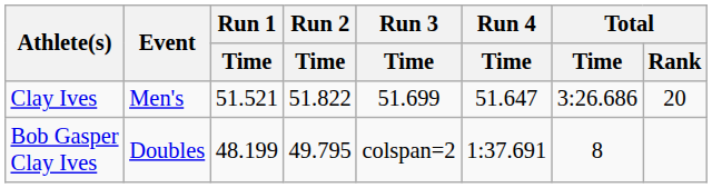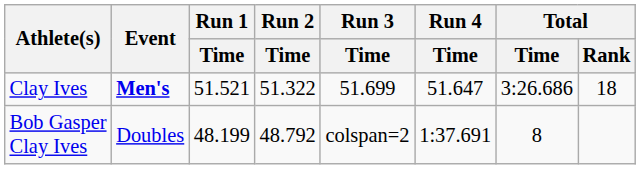 <table class="wikitable" style="font-size:90%">
 <tr>
 <th rowspan="2">Athlete(s)</th>
 <th rowspan="2">Event</th>
 <th colspan="1">Run 1</th>
 <th colspan="1">Run 2</th>
 <th colspan="1">Run 3</th>
 <th colspan="1">Run 4</th>
 <th colspan="2">Total</th>
 </tr>
 <tr>
 <th>Time</th>
 <th>Time</th>
 <th>Time</th>
 <th>Time</th>
 <th>Time</th>
 <th>Rank</th>
 </tr>
 <tr align="center">
 <td align="left"><a href='#'>Clay Ives</a></td>
-<td align="left"><a href='#'>Men's</a></td>
+<td align="left"><strong><a href='#'>Men's</a></strong></td>
 <td>51.521</td>
-<td>51.822</td>
+<td>51.322</td>
 <td>51.699</td>
 <td>51.647</td>
 <td>3:26.686</td>
-<td>20</td>
+<td>18</td>
 </tr>
 <tr align="center">
 <td align="left"><a href='#'>Bob Gasper</a> <br> <a href='#'>Clay Ives</a></td>
 <td align="left"><a href='#'>Doubles</a></td>
 <td>48.199</td>
-<td>49.795</td>
+<td>48.792</td>
 <td>colspan=2 </td>
 <td>1:37.691</td>
 <td>8</td>
 </tr>
 </table>
